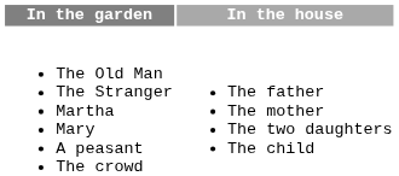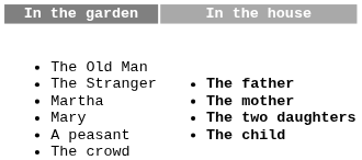 <table>
 <tr>
 <td style="background:gray; color:white; text-align:center"><strong>In the garden</strong></td>
 <td style="background:darkgray; color:white; text-align:center"><strong>In the house</strong></td>
 </tr>
 <tr>
 <td><br><ul><li>The Old Man</li><li>The Stranger</li><li>Martha</li><li>Mary</li><li>A peasant</li><li>The crowd</li></ul></td>
-<td><br><ul><li>The father</li><li>The mother</li><li>The two daughters</li><li>The child</li></ul></td>
+<td><strong><br><ul><li>The father</li><li>The mother</li><li>The two daughters</li><li>The child</li></ul></strong></td>
 </tr>
 </table>
